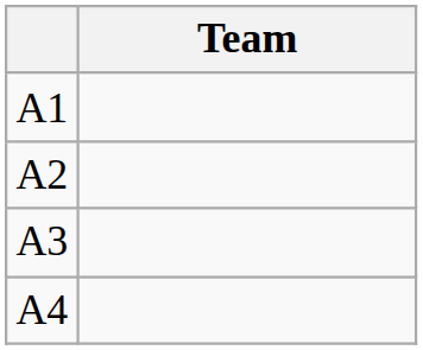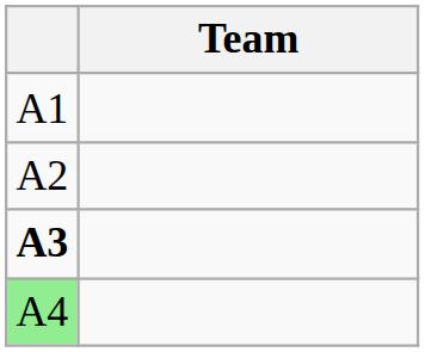 <table class="wikitable">
 <tr>
 <th></th>
 <th width=120>Team</th>
 </tr>
 <tr>
 <td align=center>A1</td>
 <td></td>
 </tr>
 <tr>
 <td align=center>A2</td>
 <td></td>
 </tr>
 <tr>
-<td align=center>A3</td>
+<td align=center><strong>A3</strong></td>
 <td></td>
 </tr>
 <tr>
-<td align=center>A4</td>
+<td align=center style="background: lightgreen;">A4</td>
 <td></td>
 </tr>
 </table>
